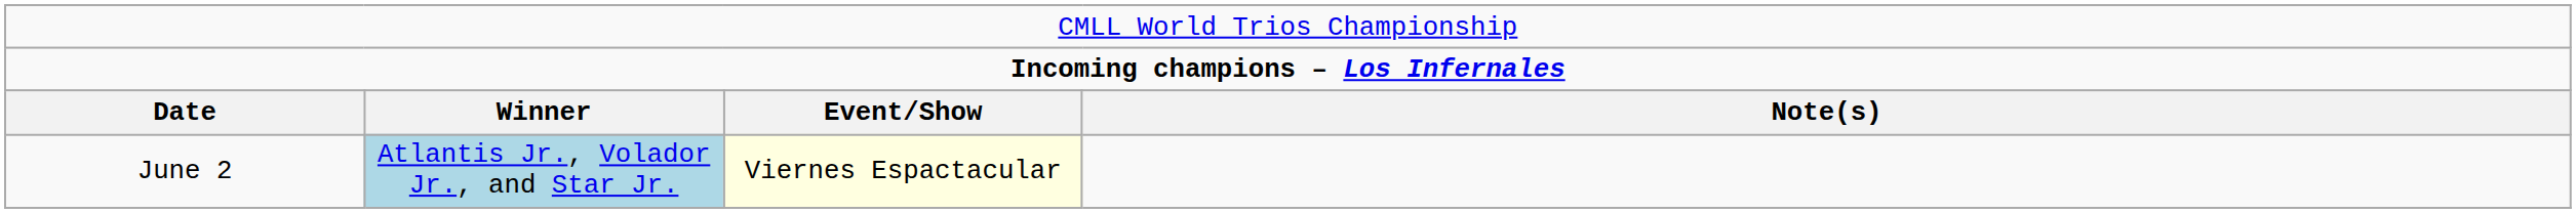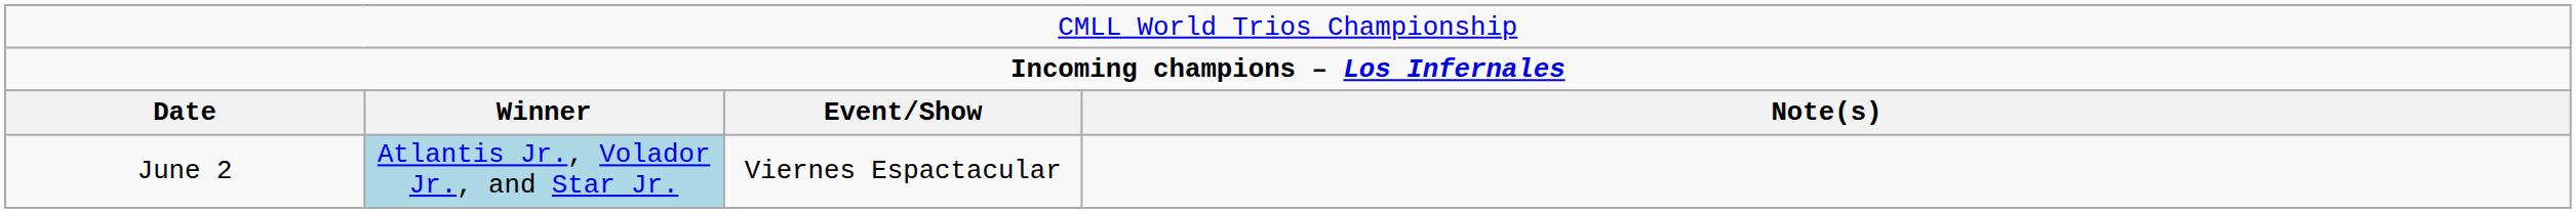 <table class="wikitable" style="text-align:center; width:100%;">
 <tr>
 <td colspan="5" style="text-align: center;"><a href='#'>CMLL World Trios Championship</a></td>
 </tr>
 <tr>
 <td colspan="5" style="text-align: center;"><strong>Incoming champions – <em><a href='#'>Los Infernales</a></em> </strong></td>
 </tr>
 <tr>
 <th width=14%>Date</th>
 <th width=14%>Winner</th>
 <th width=14%>Event/Show</th>
 <th width=58%>Note(s)</th>
 </tr>
 <tr>
 <td>June 2</td>
 <td style="background: lightblue;"><a href='#'>Atlantis Jr.</a>, <a href='#'>Volador Jr.</a>, and <a href='#'>Star Jr.</a></td>
-<td style="background: lightyellow;">Viernes Espactacular</td>
+<td>Viernes Espactacular</td>
 <td></td>
 </tr>
 </table>
